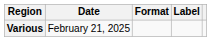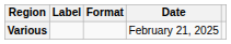 <table class="wikitable plainrowheaders">
 <tr>
 <th scope="col">Region</th>
+<th scope="col">Label</th>
+<th scope="col">Format</th>
 <th scope="col">Date</th>
-<th scope="col">Format</th>
-<th scope="col">Label</th>
 <th scope="col"></th>
 </tr>
 <tr>
 <th scope="row">Various</th>
-<td>February 21, 2025</td>
 <td></td>
 <td></td>
+<td>February 21, 2025</td>
 <td style="text-align:center"></td>
 </tr>
 </table>
